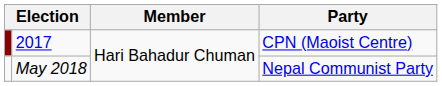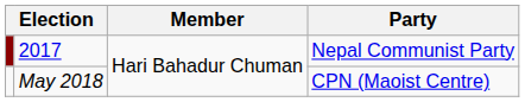 <table class="wikitable">
 <tr>
 <th colspan="2">Election</th>
 <th>Member</th>
 <th>Party</th>
 </tr>
 <tr>
 <td style="background-color:darkred"></td>
 <td><a href='#'>2017</a></td>
 <td rowspan="2">Hari Bahadur Chuman</td>
-<td><a href='#'>CPN (Maoist Centre)</a></td>
+<td><a href='#'>Nepal Communist Party</a></td>
 </tr>
 <tr>
 <td style="background-color:"></td>
 <td><em>May 2018</em></td>
-<td><a href='#'>Nepal Communist Party</a></td>
+<td><a href='#'>CPN (Maoist Centre)</a></td>
 </tr>
 </table>
